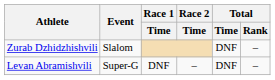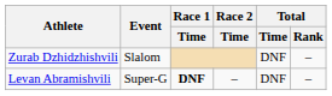 <table class="wikitable" style="font-size:90%">
 <tr>
 <th rowspan="2">Athlete</th>
 <th rowspan="2">Event</th>
 <th>Race 1</th>
 <th>Race 2</th>
 <th colspan="2">Total</th>
 </tr>
 <tr>
 <th>Time</th>
 <th>Time</th>
 <th>Time</th>
 <th>Rank</th>
 </tr>
 <tr>
 <td><a href='#'>Zurab Dzhidzhishvili</a></td>
 <td>Slalom</td>
 <td colspan="2" bgcolor="wheat"></td>
 <td align="center">DNF</td>
 <td align="center">–</td>
 </tr>
 <tr>
 <td><a href='#'>Levan Abramishvili</a></td>
 <td>Super-G</td>
-<td align="center">DNF</td>
+<td align="center"><strong>DNF</strong></td>
 <td align="center">–</td>
 <td align="center">DNF</td>
 <td align="center">–</td>
 </tr>
 </table>
